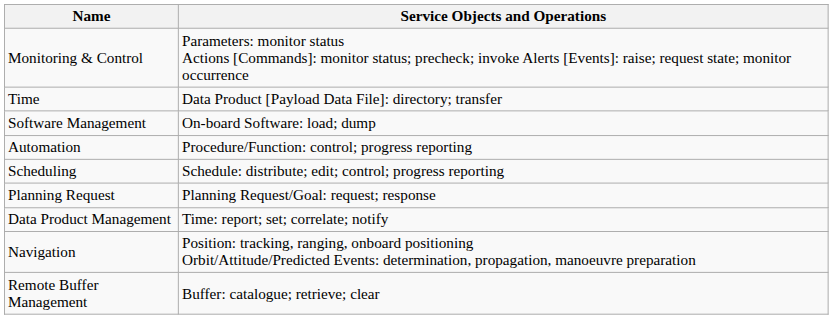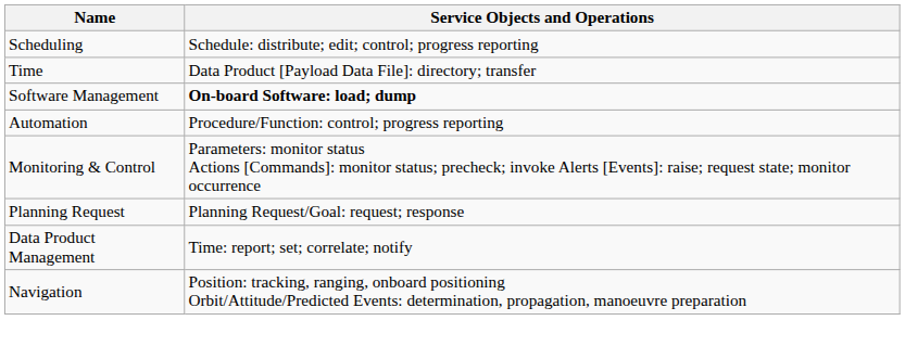 <table class="wikitable">
 <tr>
 <th>Name</th>
 <th>Service Objects and Operations</th>
 </tr>
 <tr>
-<td>Monitoring & Control</td>
-<td>Parameters: monitor status<br>Actions [Commands]: monitor status; precheck; invoke Alerts [Events]: raise; request state; monitor occurrence</td>
+<td>Scheduling</td>
+<td>Schedule: distribute; edit; control; progress reporting</td>
 </tr>
 <tr>
 <td>Time</td>
 <td>Data Product [Payload Data File]: directory; transfer</td>
 </tr>
 <tr>
 <td>Software Management</td>
-<td>On-board Software: load; dump</td>
+<td><strong>On-board Software: load; dump</strong></td>
 </tr>
 <tr>
 <td>Automation</td>
 <td>Procedure/Function: control; progress reporting</td>
 </tr>
 <tr>
-<td>Scheduling</td>
-<td>Schedule: distribute; edit; control; progress reporting</td>
+<td>Monitoring & Control</td>
+<td>Parameters: monitor status<br>Actions [Commands]: monitor status; precheck; invoke Alerts [Events]: raise; request state; monitor occurrence</td>
 </tr>
 <tr>
 <td>Planning Request</td>
 <td>Planning Request/Goal: request; response</td>
 </tr>
 <tr>
 <td>Data Product Management</td>
 <td>Time: report; set; correlate; notify</td>
 </tr>
 <tr>
 <td>Navigation</td>
 <td>Position: tracking, ranging, onboard positioning<br>Orbit/Attitude/Predicted Events: determination, propagation, manoeuvre preparation</td>
 </tr>
-<tr>
-<td>Remote Buffer Management</td>
-<td>Buffer: catalogue; retrieve; clear</td>
-</tr>
 </table>
